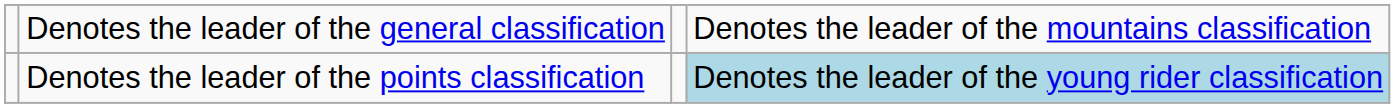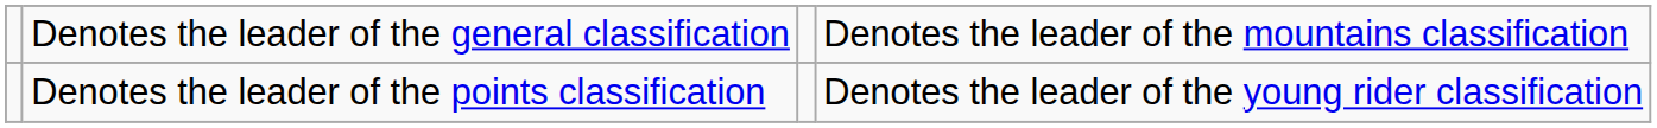 <table class="wikitable">
 <tr>
 <td></td>
 <td>Denotes the leader of the <a href='#'>general classification</a></td>
 <td></td>
 <td>Denotes the leader of the <a href='#'>mountains classification</a></td>
 </tr>
 <tr>
 <td></td>
 <td>Denotes the leader of the <a href='#'>points classification</a></td>
 <td></td>
-<td style="background: lightblue;">Denotes the leader of the <a href='#'>young rider classification</a></td>
+<td>Denotes the leader of the <a href='#'>young rider classification</a></td>
 </tr>
 </table>
